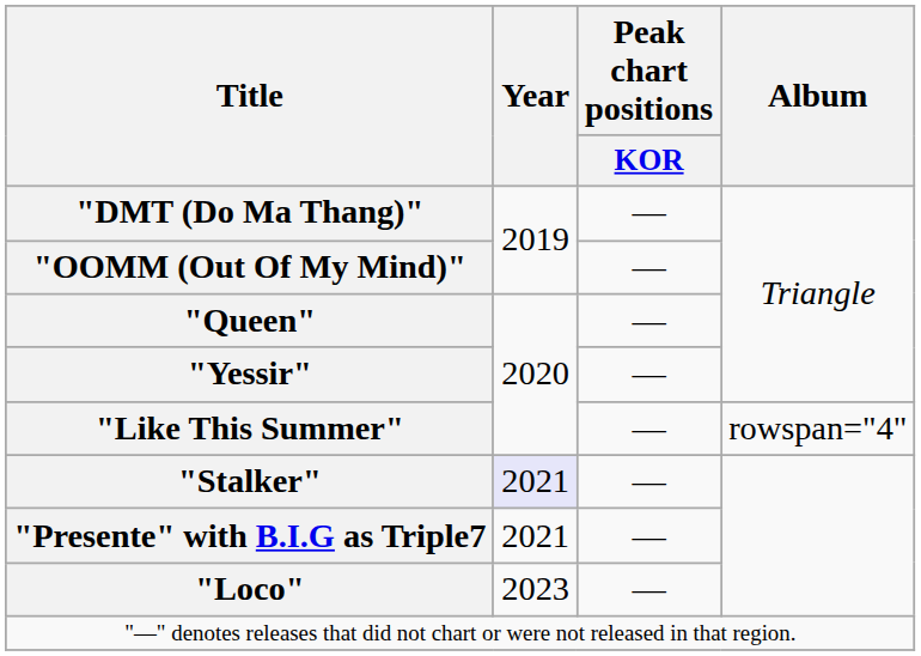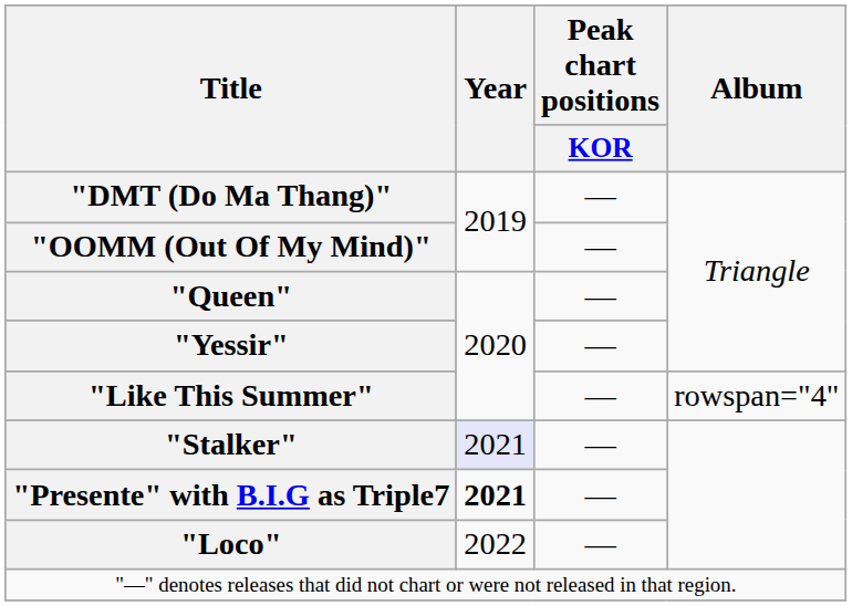 <table class="wikitable plainrowheaders" style="text-align:center;" border="1">
 <tr>
 <th scope="col" rowspan="2">Title</th>
 <th scope="col" rowspan="2">Year</th>
 <th scope="col" colspan="1">Peak chart positions</th>
 <th scope="col" rowspan="2">Album</th>
 </tr>
 <tr>
 <th scope="col" style="width:3em;font-size:90%;"><a href='#'>KOR</a><br></th>
 </tr>
 <tr>
 <th scope="row">"DMT (Do Ma Thang)"</th>
 <td rowspan="2">2019</td>
 <td>—</td>
 <td rowspan="4"><em>Triangle</em></td>
 </tr>
 <tr>
 <th scope="row">"OOMM (Out Of My Mind)"</th>
 <td>—</td>
 </tr>
 <tr>
 <th scope="row">"Queen"</th>
 <td rowspan="3">2020</td>
 <td>—</td>
 </tr>
 <tr>
 <th scope="row">"Yessir"</th>
 <td>—</td>
 </tr>
 <tr>
 <th scope="row">"Like This Summer"</th>
 <td>—</td>
 <td>rowspan="4" </td>
 </tr>
 <tr>
 <th scope="row">"Stalker"</th>
 <td style="background: lavender;">2021</td>
 <td>—</td>
 </tr>
 <tr>
 <th scope="row">"Presente" with <a href='#'>B.I.G</a> as Triple7</th>
-<td>2021</td>
+<td><strong>2021</strong></td>
 <td>—</td>
 </tr>
 <tr>
 <th scope="row">"Loco"</th>
-<td>2023</td>
+<td>2022</td>
 <td>—</td>
 </tr>
 <tr>
 <td colspan="6" style="font-size:8pt">"—" denotes releases that did not chart or were not released in that region.</td>
 </tr>
 </table>
